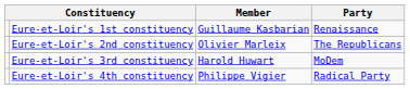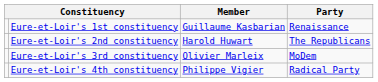 <table class="wikitable">
 <tr>
 <th colspan="2">Constituency</th>
 <th>Member</th>
 <th>Party</th>
 </tr>
 <tr>
 <td style="background-color: "></td>
 <td><a href='#'>Eure-et-Loir's 1st constituency</a></td>
 <td><a href='#'>Guillaume Kasbarian</a></td>
 <td><a href='#'>Renaissance</a></td>
 </tr>
 <tr>
 <td style="background-color: "></td>
 <td><a href='#'>Eure-et-Loir's 2nd constituency</a></td>
-<td><a href='#'>Olivier Marleix</a></td>
+<td><a href='#'>Harold Huwart</a></td>
 <td><a href='#'>The Republicans</a></td>
 </tr>
 <tr>
 <td style="background-color: "></td>
 <td><a href='#'>Eure-et-Loir's 3rd constituency</a></td>
-<td><a href='#'>Harold Huwart</a></td>
+<td><a href='#'>Olivier Marleix</a></td>
 <td><a href='#'>MoDem</a></td>
 </tr>
 <tr>
 <td style="background-color: "></td>
 <td><a href='#'>Eure-et-Loir's 4th constituency</a></td>
 <td><a href='#'>Philippe Vigier</a></td>
 <td><a href='#'>Radical Party</a></td>
 </tr>
 </table>
